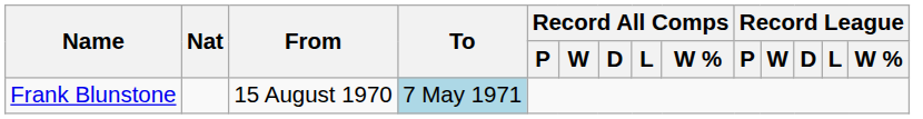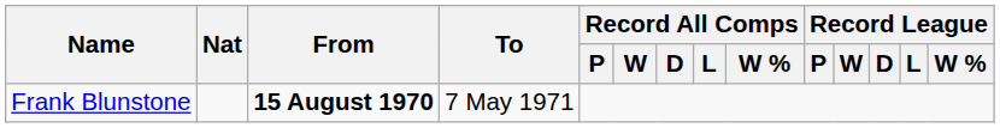 <table style="text-align: center" class="wikitable">
 <tr>
 <th rowspan="2">Name</th>
 <th rowspan="2">Nat</th>
 <th rowspan="2">From</th>
 <th rowspan="2">To</th>
 <th colspan="5">Record All Comps</th>
 <th colspan="5">Record League</th>
 </tr>
 <tr>
 <th>P</th>
 <th>W</th>
 <th>D</th>
 <th>L</th>
 <th>W %</th>
 <th>P</th>
 <th>W</th>
 <th>D</th>
 <th>L</th>
 <th>W %</th>
 </tr>
 <tr>
 <td style="text-align:left;"><a href='#'>Frank Blunstone</a></td>
 <td></td>
-<td style="text-align:left;">15 August 1970</td>
-<td style="background: lightblue; text-align:left;">7 May 1971<br> </td>
+<td style="text-align:left;"><strong>15 August 1970</strong></td>
+<td style="text-align:left;">7 May 1971<br> </td>
 </tr>
 </table>
